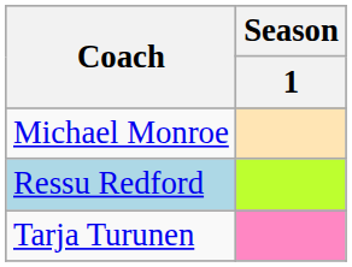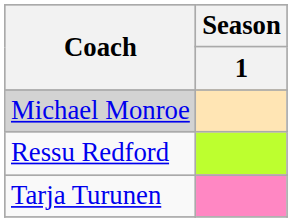 <table class="wikitable">
 <tr>
 <th rowspan="2">Coach</th>
 <th colspan="2">Season</th>
 </tr>
 <tr>
 <th width="40">1</th>
 </tr>
 <tr>
-<td><a href='#'>Michael Monroe</a></td>
+<td style="background: lightgrey;"><a href='#'>Michael Monroe</a></td>
 <td colspan="1" style="background:#ffe5b4"></td>
 </tr>
 <tr>
-<td style="background: lightblue;"><a href='#'>Ressu Redford</a></td>
+<td><a href='#'>Ressu Redford</a></td>
 <td colspan="1" style="background:#bdff2f"></td>
 </tr>
 <tr>
 <td><a href='#'>Tarja Turunen</a></td>
 <td colspan="1" style="background:#FF87C3"></td>
 </tr>
 </table>
